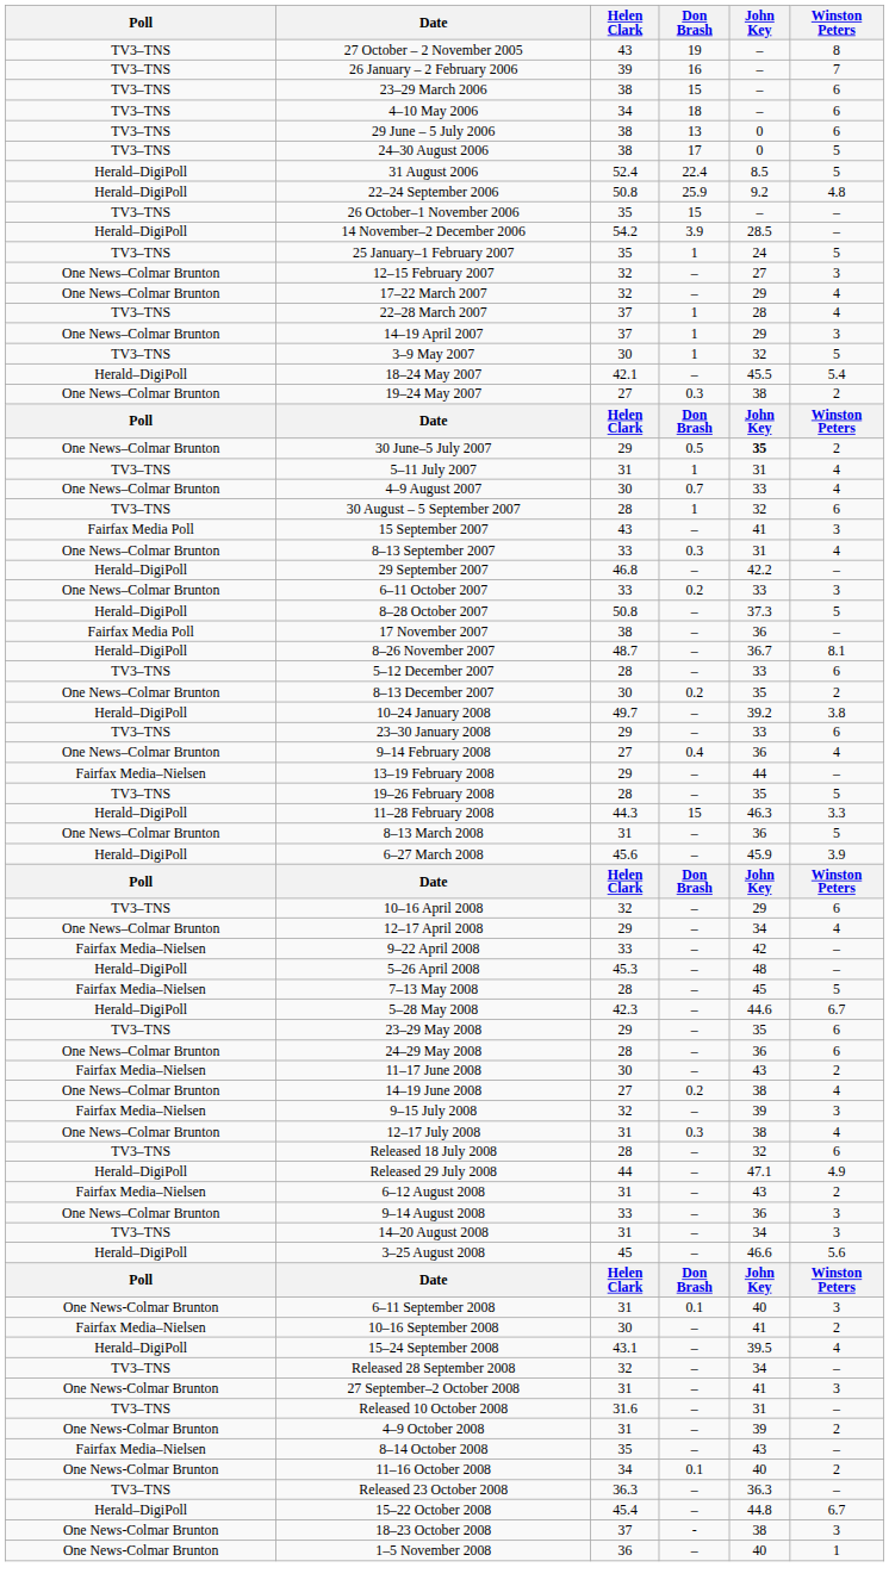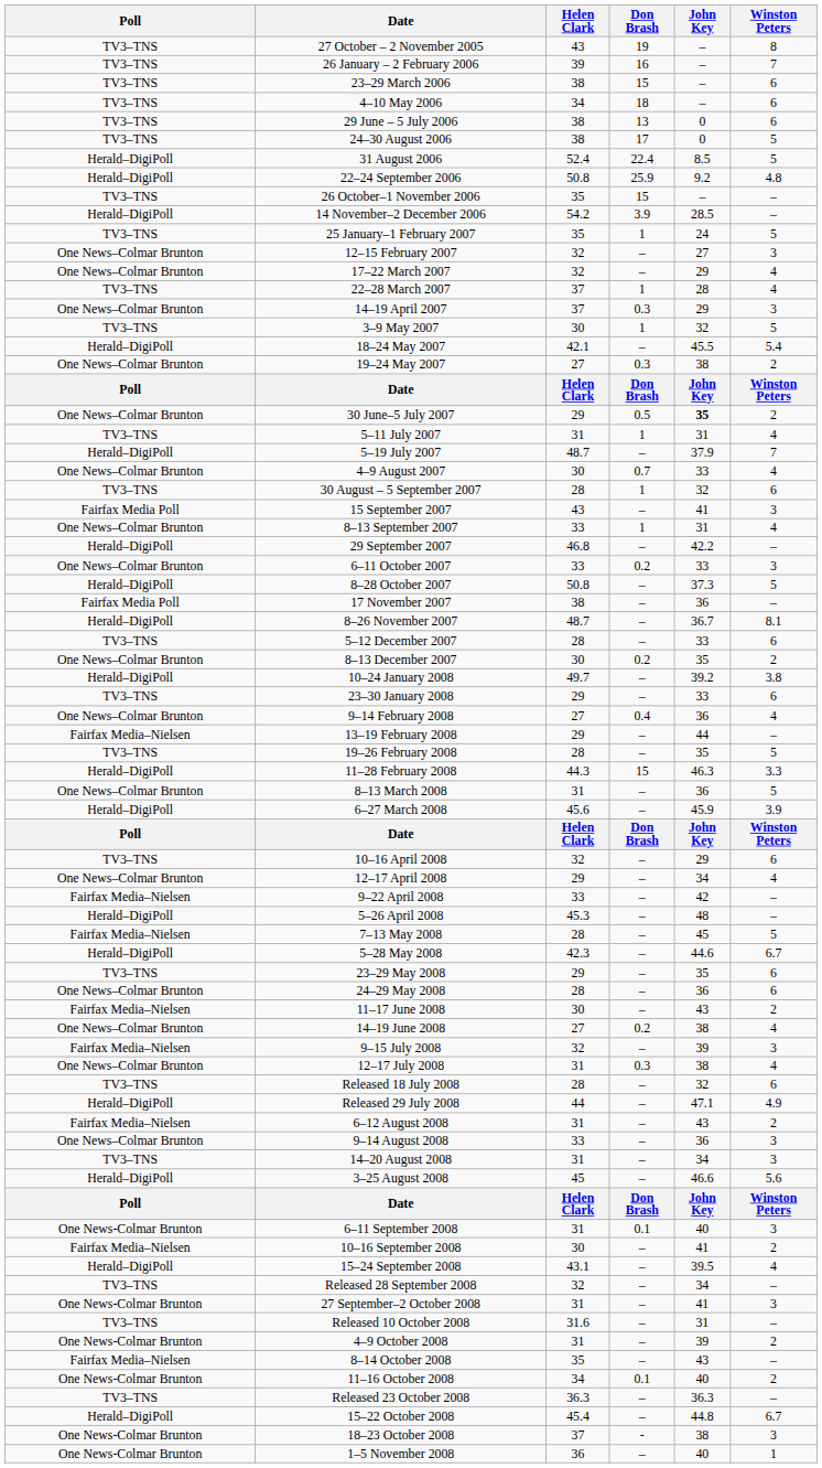 <table class="wikitable plainrowheaders" style="width:900px;font-size:90%;line-height:14px;text-align:center;">
 <tr style="height:32px">
 <th>Poll</th>
 <th>Date</th>
 <th scope="col" style="background:"><a href='#'><span>Helen<br>Clark</span></a></th>
 <th scope="col" style="background:"><a href='#'><span>Don<br>Brash</span></a></th>
 <th scope="col" style="background:"><a href='#'><span>John<br>Key</span></a></th>
 <th scope="col" style="background:"><a href='#'><span>Winston<br>Peters</span></a></th>
 </tr>
 <tr>
 <td>TV3–TNS</td>
 <td>27 October – 2 November 2005</td>
 <td>43</td>
 <td>19</td>
 <td>–</td>
 <td>8</td>
 </tr>
 <tr>
 <td>TV3–TNS</td>
 <td>26 January – 2 February 2006</td>
 <td>39</td>
 <td>16</td>
 <td>–</td>
 <td>7</td>
 </tr>
 <tr>
 <td>TV3–TNS</td>
 <td>23–29 March 2006</td>
 <td>38</td>
 <td>15</td>
 <td>–</td>
 <td>6</td>
 </tr>
 <tr>
 <td>TV3–TNS</td>
 <td>4–10 May 2006</td>
 <td>34</td>
 <td>18</td>
 <td>–</td>
 <td>6</td>
 </tr>
 <tr>
 <td>TV3–TNS</td>
 <td>29 June – 5 July 2006</td>
 <td>38</td>
 <td>13</td>
 <td>0</td>
 <td>6</td>
 </tr>
 <tr>
 <td>TV3–TNS</td>
 <td>24–30 August 2006</td>
 <td>38</td>
 <td>17</td>
 <td>0</td>
 <td>5</td>
 </tr>
 <tr>
 <td>Herald–DigiPoll</td>
 <td>31 August 2006</td>
 <td>52.4</td>
 <td>22.4</td>
 <td>8.5</td>
 <td>5</td>
 </tr>
 <tr>
 <td>Herald–DigiPoll</td>
 <td>22–24 September 2006</td>
 <td>50.8</td>
 <td>25.9</td>
 <td>9.2</td>
 <td>4.8</td>
 </tr>
 <tr>
 <td>TV3–TNS</td>
 <td>26 October–1 November 2006</td>
 <td>35</td>
 <td>15</td>
 <td>–</td>
 <td>–</td>
 </tr>
 <tr>
 <td>Herald–DigiPoll</td>
 <td>14 November–2 December 2006</td>
 <td>54.2</td>
 <td>3.9</td>
 <td>28.5</td>
 <td>–</td>
 </tr>
 <tr>
 <td>TV3–TNS</td>
 <td>25 January–1 February 2007</td>
 <td>35</td>
 <td>1</td>
 <td>24</td>
 <td>5</td>
 </tr>
 <tr>
 <td>One News–Colmar Brunton</td>
 <td>12–15 February 2007</td>
 <td>32</td>
 <td>–</td>
 <td>27</td>
 <td>3</td>
 </tr>
 <tr>
 <td>One News–Colmar Brunton</td>
 <td>17–22 March 2007</td>
 <td>32</td>
 <td>–</td>
 <td>29</td>
 <td>4</td>
 </tr>
 <tr>
 <td>TV3–TNS</td>
 <td>22–28 March 2007</td>
 <td>37</td>
 <td>1</td>
 <td>28</td>
 <td>4</td>
 </tr>
 <tr>
 <td>One News–Colmar Brunton</td>
 <td>14–19 April 2007</td>
 <td>37</td>
-<td>1</td>
+<td>0.3</td>
 <td>29</td>
 <td>3</td>
 </tr>
 <tr>
 <td>TV3–TNS</td>
 <td>3–9 May 2007</td>
 <td>30</td>
 <td>1</td>
 <td>32</td>
 <td>5</td>
 </tr>
 <tr>
 <td>Herald–DigiPoll</td>
 <td>18–24 May 2007</td>
 <td>42.1</td>
 <td>–</td>
 <td>45.5</td>
 <td>5.4</td>
 </tr>
 <tr>
 <td>One News–Colmar Brunton</td>
 <td>19–24 May 2007</td>
 <td>27</td>
 <td>0.3</td>
 <td>38</td>
 <td>2</td>
 </tr>
 <tr>
 <th>Poll</th>
 <th>Date</th>
 <th scope="col" style="background:"><a href='#'><span>Helen<br>Clark</span></a></th>
 <th scope="col" style="background:"><a href='#'><span>Don<br>Brash</span></a></th>
 <th scope="col" style="background:"><a href='#'><span>John<br>Key</span></a></th>
 <th scope="col" style="background:"><a href='#'><span>Winston<br>Peters</span></a></th>
 </tr>
 <tr>
 <td>One News–Colmar Brunton</td>
 <td>30 June–5 July 2007</td>
 <td>29</td>
 <td>0.5</td>
 <td><strong>35</strong></td>
 <td>2</td>
 </tr>
 <tr>
 <td>TV3–TNS</td>
 <td>5–11 July 2007</td>
 <td>31</td>
 <td>1</td>
 <td>31</td>
 <td>4</td>
 </tr>
 <tr>
+<td>Herald–DigiPoll</td>
+<td>5–19 July 2007</td>
+<td>48.7</td>
+<td>–</td>
+<td>37.9</td>
+<td>7</td>
+</tr>
+<tr>
 <td>One News–Colmar Brunton</td>
 <td>4–9 August 2007</td>
 <td>30</td>
 <td>0.7</td>
 <td>33</td>
 <td>4</td>
 </tr>
 <tr>
 <td>TV3–TNS</td>
 <td>30 August – 5 September 2007</td>
 <td>28</td>
 <td>1</td>
 <td>32</td>
 <td>6</td>
 </tr>
 <tr>
 <td>Fairfax Media Poll</td>
 <td>15 September 2007</td>
 <td>43</td>
 <td>–</td>
 <td>41</td>
 <td>3</td>
 </tr>
 <tr>
 <td>One News–Colmar Brunton</td>
 <td>8–13 September 2007</td>
 <td>33</td>
-<td>0.3</td>
+<td>1</td>
 <td>31</td>
 <td>4</td>
 </tr>
 <tr>
 <td>Herald–DigiPoll</td>
 <td>29 September 2007</td>
 <td>46.8</td>
 <td>–</td>
 <td>42.2</td>
 <td>–</td>
 </tr>
 <tr>
 <td>One News–Colmar Brunton</td>
 <td>6–11 October 2007</td>
 <td>33</td>
 <td>0.2</td>
 <td>33</td>
 <td>3</td>
 </tr>
 <tr>
 <td>Herald–DigiPoll</td>
 <td>8–28 October 2007</td>
 <td>50.8</td>
 <td>–</td>
 <td>37.3</td>
 <td>5</td>
 </tr>
 <tr>
 <td>Fairfax Media Poll</td>
 <td>17 November 2007</td>
 <td>38</td>
 <td>–</td>
 <td>36</td>
 <td>–</td>
 </tr>
 <tr>
 <td>Herald–DigiPoll</td>
 <td>8–26 November 2007</td>
 <td>48.7</td>
 <td>–</td>
 <td>36.7</td>
 <td>8.1</td>
 </tr>
 <tr>
 <td>TV3–TNS</td>
 <td>5–12 December 2007</td>
 <td>28</td>
 <td>–</td>
 <td>33</td>
 <td>6</td>
 </tr>
 <tr>
 <td>One News–Colmar Brunton</td>
 <td>8–13 December 2007</td>
 <td>30</td>
 <td>0.2</td>
 <td>35</td>
 <td>2</td>
 </tr>
 <tr>
 <td>Herald–DigiPoll</td>
 <td>10–24 January 2008</td>
 <td>49.7</td>
 <td>–</td>
 <td>39.2</td>
 <td>3.8</td>
 </tr>
 <tr>
 <td>TV3–TNS</td>
 <td>23–30 January 2008</td>
 <td>29</td>
 <td>–</td>
 <td>33</td>
 <td>6</td>
 </tr>
 <tr>
 <td>One News–Colmar Brunton</td>
 <td>9–14 February 2008</td>
 <td>27</td>
 <td>0.4</td>
 <td>36</td>
 <td>4</td>
 </tr>
 <tr>
 <td>Fairfax Media–Nielsen</td>
 <td>13–19 February 2008</td>
 <td>29</td>
 <td>–</td>
 <td>44</td>
 <td>–</td>
 </tr>
 <tr>
 <td>TV3–TNS</td>
 <td>19–26 February 2008</td>
 <td>28</td>
 <td>–</td>
 <td>35</td>
 <td>5</td>
 </tr>
 <tr>
 <td>Herald–DigiPoll</td>
 <td>11–28 February 2008</td>
 <td>44.3</td>
 <td>15</td>
 <td>46.3</td>
 <td>3.3</td>
 </tr>
 <tr>
 <td>One News–Colmar Brunton</td>
 <td>8–13 March 2008</td>
 <td>31</td>
 <td>–</td>
 <td>36</td>
 <td>5</td>
 </tr>
 <tr>
 <td>Herald–DigiPoll</td>
 <td>6–27 March 2008</td>
 <td>45.6</td>
 <td>–</td>
 <td>45.9</td>
 <td>3.9</td>
 </tr>
 <tr>
 <th>Poll</th>
 <th>Date</th>
 <th scope="col" style="background:"><a href='#'><span>Helen<br>Clark</span></a></th>
 <th scope="col" style="background:"><a href='#'><span>Don<br>Brash</span></a></th>
 <th scope="col" style="background:"><a href='#'><span>John<br>Key</span></a></th>
 <th scope="col" style="background:"><a href='#'><span>Winston<br>Peters</span></a></th>
 </tr>
 <tr>
 <td>TV3–TNS</td>
 <td>10–16 April 2008</td>
 <td>32</td>
 <td>–</td>
 <td>29</td>
 <td>6</td>
 </tr>
 <tr>
 <td>One News–Colmar Brunton</td>
 <td>12–17 April 2008</td>
 <td>29</td>
 <td>–</td>
 <td>34</td>
 <td>4</td>
 </tr>
 <tr>
 <td>Fairfax Media–Nielsen</td>
 <td>9–22 April 2008</td>
 <td>33</td>
 <td>–</td>
 <td>42</td>
 <td>–</td>
 </tr>
 <tr>
 <td>Herald–DigiPoll</td>
 <td>5–26 April 2008</td>
 <td>45.3</td>
 <td>–</td>
 <td>48</td>
 <td>–</td>
 </tr>
 <tr>
 <td>Fairfax Media–Nielsen</td>
 <td>7–13 May 2008</td>
 <td>28</td>
 <td>–</td>
 <td>45</td>
 <td>5</td>
 </tr>
 <tr>
 <td>Herald–DigiPoll</td>
 <td>5–28 May 2008</td>
 <td>42.3</td>
 <td>–</td>
 <td>44.6</td>
 <td>6.7</td>
 </tr>
 <tr>
 <td>TV3–TNS</td>
 <td>23–29 May 2008</td>
 <td>29</td>
 <td>–</td>
 <td>35</td>
 <td>6</td>
 </tr>
 <tr>
 <td>One News–Colmar Brunton</td>
 <td>24–29 May 2008</td>
 <td>28</td>
 <td>–</td>
 <td>36</td>
 <td>6</td>
 </tr>
 <tr>
 <td>Fairfax Media–Nielsen</td>
 <td>11–17 June 2008</td>
 <td>30</td>
 <td>–</td>
 <td>43</td>
 <td>2</td>
 </tr>
 <tr>
 <td>One News–Colmar Brunton</td>
 <td>14–19 June 2008</td>
 <td>27</td>
 <td>0.2</td>
 <td>38</td>
 <td>4</td>
 </tr>
 <tr>
 <td>Fairfax Media–Nielsen</td>
 <td>9–15 July 2008</td>
 <td>32</td>
 <td>–</td>
 <td>39</td>
 <td>3</td>
 </tr>
 <tr>
 <td>One News–Colmar Brunton</td>
 <td>12–17 July 2008</td>
 <td>31</td>
 <td>0.3</td>
 <td>38</td>
 <td>4</td>
 </tr>
 <tr>
 <td>TV3–TNS</td>
 <td>Released 18 July 2008</td>
 <td>28</td>
 <td>–</td>
 <td>32</td>
 <td>6</td>
 </tr>
 <tr>
 <td>Herald–DigiPoll</td>
 <td>Released 29 July 2008</td>
 <td>44</td>
 <td>–</td>
 <td>47.1</td>
 <td>4.9</td>
 </tr>
 <tr>
 <td>Fairfax Media–Nielsen</td>
 <td>6–12 August 2008</td>
 <td>31</td>
 <td>–</td>
 <td>43</td>
 <td>2</td>
 </tr>
 <tr>
 <td>One News–Colmar Brunton</td>
 <td>9–14 August 2008</td>
 <td>33</td>
 <td>–</td>
 <td>36</td>
 <td>3</td>
 </tr>
 <tr>
 <td>TV3–TNS</td>
 <td>14–20 August 2008</td>
 <td>31</td>
 <td>–</td>
 <td>34</td>
 <td>3</td>
 </tr>
 <tr>
 <td>Herald–DigiPoll</td>
 <td>3–25 August 2008</td>
 <td>45</td>
 <td>–</td>
 <td>46.6</td>
 <td>5.6</td>
 </tr>
 <tr>
 <th>Poll</th>
 <th>Date</th>
 <th scope="col" style="background:"><a href='#'><span>Helen<br>Clark</span></a></th>
 <th scope="col" style="background:"><a href='#'><span>Don<br>Brash</span></a></th>
 <th scope="col" style="background:"><a href='#'><span>John<br>Key</span></a></th>
 <th scope="col" style="background:"><a href='#'><span>Winston<br>Peters</span></a></th>
 </tr>
 <tr>
 <td>One News-Colmar Brunton</td>
 <td>6–11 September 2008</td>
 <td>31</td>
 <td>0.1</td>
 <td>40</td>
 <td>3</td>
 </tr>
 <tr>
 <td>Fairfax Media–Nielsen</td>
 <td>10–16 September 2008</td>
 <td>30</td>
 <td>–</td>
 <td>41</td>
 <td>2</td>
 </tr>
 <tr>
 <td>Herald–DigiPoll</td>
 <td>15–24 September 2008</td>
 <td>43.1</td>
 <td>–</td>
 <td>39.5</td>
 <td>4</td>
 </tr>
 <tr>
 <td>TV3–TNS</td>
 <td>Released 28 September 2008</td>
 <td>32</td>
 <td>–</td>
 <td>34</td>
 <td>–</td>
 </tr>
 <tr>
 <td>One News-Colmar Brunton</td>
 <td>27 September–2 October 2008</td>
 <td>31</td>
 <td>–</td>
 <td>41</td>
 <td>3</td>
 </tr>
 <tr>
 <td>TV3–TNS</td>
 <td>Released 10 October 2008</td>
 <td>31.6</td>
 <td>–</td>
 <td>31</td>
 <td>–</td>
 </tr>
 <tr>
 <td>One News-Colmar Brunton</td>
 <td>4–9 October 2008</td>
 <td>31</td>
 <td>–</td>
 <td>39</td>
 <td>2</td>
 </tr>
 <tr>
 <td>Fairfax Media–Nielsen</td>
 <td>8–14 October 2008</td>
 <td>35</td>
 <td>–</td>
 <td>43</td>
 <td>–</td>
 </tr>
 <tr>
 <td>One News-Colmar Brunton</td>
 <td>11–16 October 2008</td>
 <td>34</td>
 <td>0.1</td>
 <td>40</td>
 <td>2</td>
 </tr>
 <tr>
 <td>TV3–TNS</td>
 <td>Released 23 October 2008</td>
 <td>36.3</td>
 <td>–</td>
 <td>36.3</td>
 <td>–</td>
 </tr>
 <tr>
 <td>Herald–DigiPoll</td>
 <td>15–22 October 2008</td>
 <td>45.4</td>
 <td>–</td>
 <td>44.8</td>
 <td>6.7</td>
 </tr>
 <tr>
 <td>One News-Colmar Brunton</td>
 <td>18–23 October 2008</td>
 <td>37</td>
 <td>-</td>
 <td>38</td>
 <td>3</td>
 </tr>
 <tr>
 <td>One News-Colmar Brunton</td>
 <td>1–5 November 2008</td>
 <td>36</td>
 <td>–</td>
 <td>40</td>
 <td>1</td>
 </tr>
 </table>
